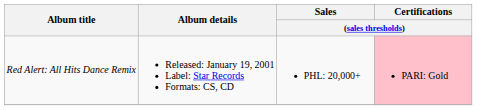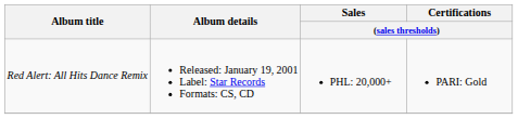 <table class="wikitable">
 <tr>
 <th rowspan=2>Album title</th>
 <th rowspan=2>Album details</th>
 <th width=150>Sales</th>
 <th width=150>Certifications</th>
 </tr>
 <tr>
 <th colspan=2><small>(<a href='#'>sales thresholds</a>)</small></th>
 </tr>
 <tr>
 <td><em>Red Alert: All Hits Dance Remix</em></td>
 <td><br><ul><li>Released: January 19, 2001</li><li>Label: <a href='#'>Star Records</a></li><li>Formats: CS, CD</li></ul></td>
 <td><br><ul><li>PHL: 20,000+</li></ul></td>
-<td style="background: pink;"><br><ul><li>PARI: Gold</li></ul></td>
+<td><br><ul><li>PARI: Gold</li></ul></td>
 </tr>
 <tr>
 </tr>
 </table>
